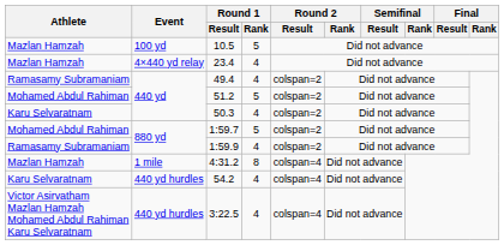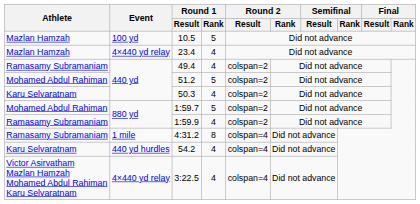 <table class=wikitable style=font-size:90%>
 <tr>
 <th rowspan=2>Athlete</th>
 <th rowspan=2>Event</th>
 <th colspan=2>Round 1</th>
 <th colspan=2>Round 2</th>
 <th colspan=2>Semifinal</th>
 <th colspan=2>Final</th>
 </tr>
 <tr style=font-size:95%>
 <th>Result</th>
 <th>Rank</th>
 <th>Result</th>
 <th>Rank</th>
 <th>Result</th>
 <th>Rank</th>
 <th>Result</th>
 <th>Rank</th>
 </tr>
 <tr align=center>
 <td align=left><a href='#'>Mazlan Hamzah</a></td>
 <td align=left><a href='#'>100 yd</a></td>
 <td>10.5</td>
 <td>5</td>
 <td colspan=6>Did not advance</td>
 </tr>
 <tr align=center>
 <td align=left><a href='#'>Mazlan Hamzah</a></td>
 <td align=left><a href='#'>4×440 yd relay</a></td>
 <td>23.4</td>
 <td>4</td>
 <td colspan=6>Did not advance</td>
 </tr>
 <tr align=center>
 <td align=left><a href='#'>Ramasamy Subramaniam</a></td>
 <td align=left rowspan=3><a href='#'>440 yd</a></td>
 <td>49.4</td>
 <td>4</td>
 <td>colspan=2 </td>
 <td colspan=4>Did not advance</td>
 </tr>
 <tr align=center>
 <td align=left><a href='#'>Mohamed Abdul Rahiman</a></td>
 <td>51.2</td>
 <td>5</td>
 <td>colspan=2 </td>
 <td colspan=4>Did not advance</td>
 </tr>
 <tr align=center>
 <td align=left><a href='#'>Karu Selvaratnam</a></td>
 <td>50.3</td>
 <td>4</td>
 <td>colspan=2 </td>
 <td colspan=4>Did not advance</td>
 </tr>
 <tr align=center>
 <td align=left><a href='#'>Mohamed Abdul Rahiman</a></td>
 <td align=left rowspan=2><a href='#'>880 yd</a></td>
 <td>1:59.7</td>
 <td>5</td>
 <td>colspan=2 </td>
 <td colspan=4>Did not advance</td>
 </tr>
 <tr align=center>
 <td align=left><a href='#'>Ramasamy Subramaniam</a></td>
 <td>1:59.9</td>
 <td>4</td>
 <td>colspan=2 </td>
 <td colspan=4>Did not advance</td>
 </tr>
 <tr align=center>
-<td align=left><a href='#'>Mazlan Hamzah</a></td>
+<td align=left><a href='#'>Ramasamy Subramaniam</a></td>
 <td align=left><a href='#'>1 mile</a></td>
 <td>4:31.2</td>
 <td>8</td>
 <td>colspan=4 </td>
 <td colspan=2>Did not advance</td>
 </tr>
 <tr align=center>
 <td align=left><a href='#'>Karu Selvaratnam</a></td>
 <td align=left><a href='#'>440 yd hurdles</a></td>
 <td>54.2</td>
 <td>4</td>
 <td>colspan=4 </td>
 <td colspan=2>Did not advance</td>
 </tr>
 <tr align=center>
 <td align=left><a href='#'>Victor Asirvatham</a><br><a href='#'>Mazlan Hamzah</a><br><a href='#'>Mohamed Abdul Rahiman</a><br><a href='#'>Karu Selvaratnam</a></td>
-<td align=left><a href='#'>440 yd hurdles</a></td>
+<td align=left><a href='#'>4×440 yd relay</a></td>
 <td>3:22.5</td>
 <td>4</td>
 <td>colspan=4 </td>
 <td colspan=2>Did not advance</td>
 </tr>
 </table>
